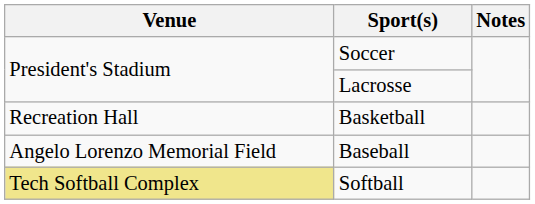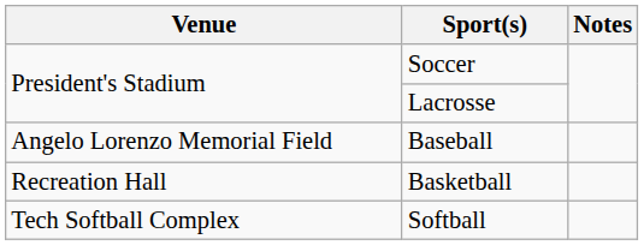 <table class="wikitable"; style= "text-align: ">
 <tr>
 <th width=250px>Venue</th>
 <th width=100px>Sport(s)</th>
 <th width=px>Notes</th>
 </tr>
 <tr>
 <td rowspan=2>President's Stadium</td>
 <td>Soccer</td>
 <td rowspan=2></td>
 </tr>
 <tr>
 <td>Lacrosse</td>
 </tr>
 <tr>
+<td>Angelo Lorenzo Memorial Field</td>
+<td>Baseball</td>
+<td></td>
+</tr>
+<tr>
 <td>Recreation Hall</td>
 <td>Basketball</td>
 <td></td>
 </tr>
 <tr>
-<td>Angelo Lorenzo Memorial Field</td>
-<td>Baseball</td>
-<td></td>
-</tr>
-<tr>
-<td style="background: khaki;">Tech Softball Complex</td>
+<td>Tech Softball Complex</td>
 <td>Softball</td>
 <td></td>
 </tr>
 </table>
